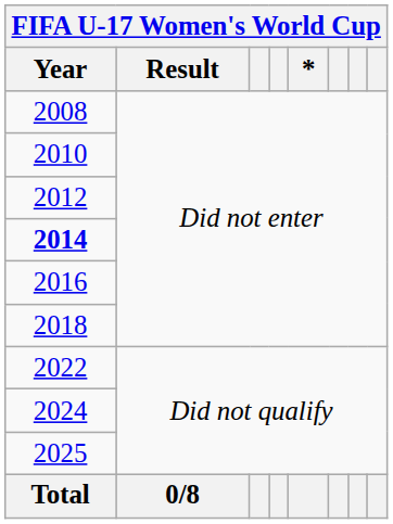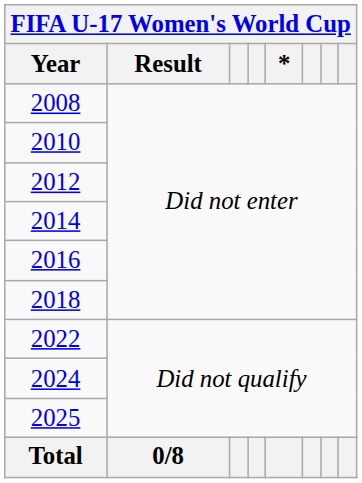 <table class="wikitable" style="text-align: center;">
 <tr>
 <th colspan=9><a href='#'>FIFA U-17 Women's World Cup</a></th>
 </tr>
 <tr>
 <th>Year</th>
 <th>Result</th>
 <th></th>
 <th></th>
 <th> *</th>
 <th></th>
 <th></th>
 <th></th>
 </tr>
 <tr>
 <td> <a href='#'>2008</a></td>
 <td rowspan=6 colspan=8><em>Did not enter</em></td>
 </tr>
 <tr>
 <td> <a href='#'>2010</a></td>
 </tr>
 <tr>
 <td> <a href='#'>2012</a></td>
 </tr>
 <tr>
-<td><strong> <a href='#'>2014</a></strong></td>
+<td> <a href='#'>2014</a></td>
 </tr>
 <tr>
 <td> <a href='#'>2016</a></td>
 </tr>
 <tr>
 <td> <a href='#'>2018</a></td>
 </tr>
 <tr>
 <td> <a href='#'>2022</a></td>
 <td rowspan=3 colspan=8><em>Did not qualify</em></td>
 </tr>
 <tr>
 <td> <a href='#'>2024</a></td>
 </tr>
 <tr>
 <td> <a href='#'>2025</a></td>
 </tr>
 <tr>
 <th>Total</th>
 <th>0/8</th>
 <th></th>
 <th></th>
 <th></th>
 <th></th>
 <th></th>
 <th></th>
 </tr>
 </table>
